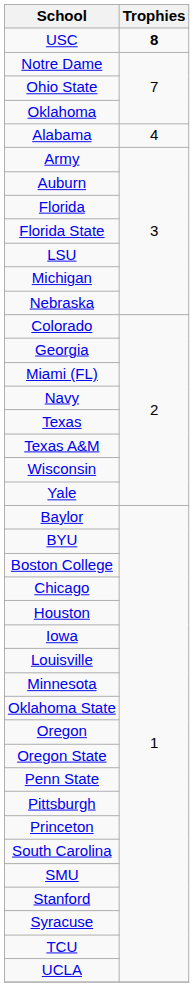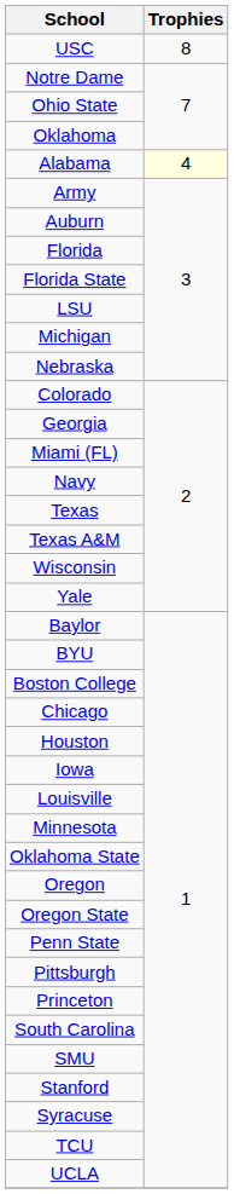 <table class="wikitable sortable" style="text-align:center;" width="auto">
 <tr>
 <th>School</th>
 <th>Trophies</th>
 </tr>
 <tr>
 <td><a href='#'>USC</a></td>
-<td><strong>8</strong></td>
+<td>8</td>
 </tr>
 <tr>
 <td><a href='#'>Notre Dame</a></td>
 <td rowspan="3">7</td>
 </tr>
 <tr>
 <td><a href='#'>Ohio State</a></td>
 </tr>
 <tr>
 <td><a href='#'>Oklahoma</a></td>
 </tr>
 <tr>
 <td><a href='#'>Alabama</a></td>
-<td rowspan="1">4</td>
+<td rowspan="1" style="background: lightyellow;">4</td>
 </tr>
 <tr>
 <td><a href='#'>Army</a></td>
 <td rowspan="7">3</td>
 </tr>
 <tr>
 <td><a href='#'>Auburn</a></td>
 </tr>
 <tr>
 <td><a href='#'>Florida</a></td>
 </tr>
 <tr>
 <td><a href='#'>Florida State</a></td>
 </tr>
 <tr>
 <td><a href='#'>LSU</a></td>
 </tr>
 <tr>
 <td><a href='#'>Michigan</a></td>
 </tr>
 <tr>
 <td><a href='#'>Nebraska</a></td>
 </tr>
 <tr>
 <td><a href='#'>Colorado</a></td>
 <td rowspan="8">2</td>
 </tr>
 <tr>
 <td><a href='#'>Georgia</a></td>
 </tr>
 <tr>
 <td><a href='#'>Miami (FL)</a></td>
 </tr>
 <tr>
 <td><a href='#'>Navy</a></td>
 </tr>
 <tr>
 <td><a href='#'>Texas</a></td>
 </tr>
 <tr>
 <td><a href='#'>Texas A&M</a></td>
 </tr>
 <tr>
 <td><a href='#'>Wisconsin</a></td>
 </tr>
 <tr>
 <td><a href='#'>Yale</a></td>
 </tr>
 <tr>
 <td><a href='#'>Baylor</a></td>
 <td rowspan="20">1</td>
 </tr>
 <tr>
 <td><a href='#'>BYU</a></td>
 </tr>
 <tr>
 <td><a href='#'>Boston College</a></td>
 </tr>
 <tr>
 <td><a href='#'>Chicago</a></td>
 </tr>
 <tr>
 <td><a href='#'>Houston</a></td>
 </tr>
 <tr>
 <td><a href='#'>Iowa</a></td>
 </tr>
 <tr>
 <td><a href='#'>Louisville</a></td>
 </tr>
 <tr>
 <td><a href='#'>Minnesota</a></td>
 </tr>
 <tr>
 <td><a href='#'>Oklahoma State</a></td>
 </tr>
 <tr>
 <td><a href='#'>Oregon</a></td>
 </tr>
 <tr>
 <td><a href='#'>Oregon State</a></td>
 </tr>
 <tr>
 <td><a href='#'>Penn State</a></td>
 </tr>
 <tr>
 <td><a href='#'>Pittsburgh</a></td>
 </tr>
 <tr>
 <td><a href='#'>Princeton</a></td>
 </tr>
 <tr>
 <td><a href='#'>South Carolina</a></td>
 </tr>
 <tr>
 <td><a href='#'>SMU</a></td>
 </tr>
 <tr>
 <td><a href='#'>Stanford</a></td>
 </tr>
 <tr>
 <td><a href='#'>Syracuse</a></td>
 </tr>
 <tr>
 <td><a href='#'>TCU</a></td>
 </tr>
 <tr>
 <td><a href='#'>UCLA</a></td>
 </tr>
 <tr>
 </tr>
 </table>
